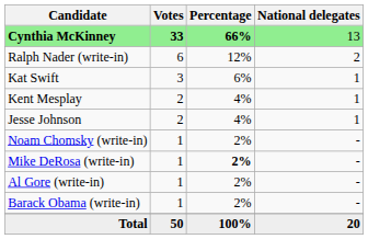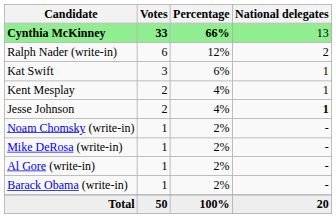 <table class="wikitable" style=" text-align:right;">
 <tr>
 <th>Candidate</th>
 <th>Votes</th>
 <th>Percentage</th>
 <th>National delegates</th>
 </tr>
 <tr style="background:lightgreen;">
 <td style="text-align:left;"><strong>Cynthia McKinney</strong></td>
 <td><strong>33</strong></td>
 <td><strong>66%</strong></td>
 <td>13</td>
 </tr>
 <tr>
 <td style="text-align:left;">Ralph Nader (write-in)</td>
 <td>6</td>
 <td>12%</td>
 <td>2</td>
 </tr>
 <tr>
 <td style="text-align:left;">Kat Swift</td>
 <td>3</td>
 <td>6%</td>
 <td>1</td>
 </tr>
 <tr>
 <td style="text-align:left;">Kent Mesplay</td>
 <td>2</td>
 <td>4%</td>
 <td>1</td>
 </tr>
 <tr>
 <td style="text-align:left;">Jesse Johnson</td>
 <td>2</td>
 <td>4%</td>
-<td>1</td>
+<td><strong>1</strong></td>
 </tr>
 <tr>
 <td style="text-align:left;"><a href='#'>Noam Chomsky</a> (write-in)</td>
 <td>1</td>
 <td>2%</td>
 <td>-</td>
 </tr>
 <tr>
 <td style="text-align:left;"><a href='#'>Mike DeRosa</a> (write-in)</td>
 <td>1</td>
-<td><strong>2%</strong></td>
+<td>2%</td>
 <td>-</td>
 </tr>
 <tr>
 <td style="text-align:left;"><a href='#'>Al Gore</a> (write-in)</td>
 <td>1</td>
 <td>2%</td>
 <td>-</td>
 </tr>
 <tr>
 <td style="text-align:left;"><a href='#'>Barack Obama</a> (write-in)</td>
 <td>1</td>
 <td>2%</td>
 <td>-</td>
 </tr>
 <tr>
 </tr>
 <tr style="background:#eee;">
 <td style="margin-right:0.50px"><strong>Total</strong></td>
 <td style="margin-right:0.50px"><strong>50</strong></td>
 <td style="margin-right:0.50px"><strong>100%</strong></td>
 <td style="margin-right:0.50px"><strong>20</strong></td>
 </tr>
 </table>
